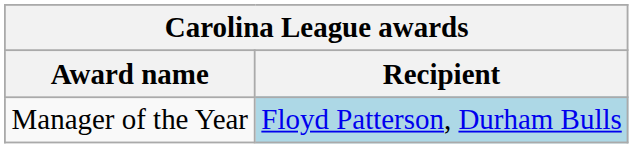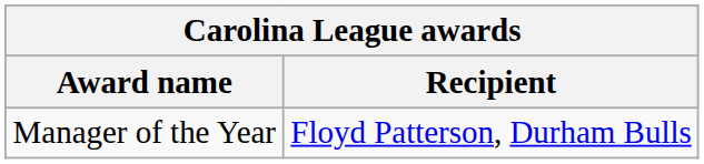 <table class="wikitable">
 <tr>
 <th colspan="2">Carolina League awards</th>
 </tr>
 <tr>
 <th>Award name</th>
 <th>Recipient</th>
 </tr>
 <tr>
 <td>Manager of the Year</td>
-<td style="background: lightblue;"><a href='#'>Floyd Patterson</a>, <a href='#'>Durham Bulls</a></td>
+<td><a href='#'>Floyd Patterson</a>, <a href='#'>Durham Bulls</a></td>
 </tr>
 </table>
